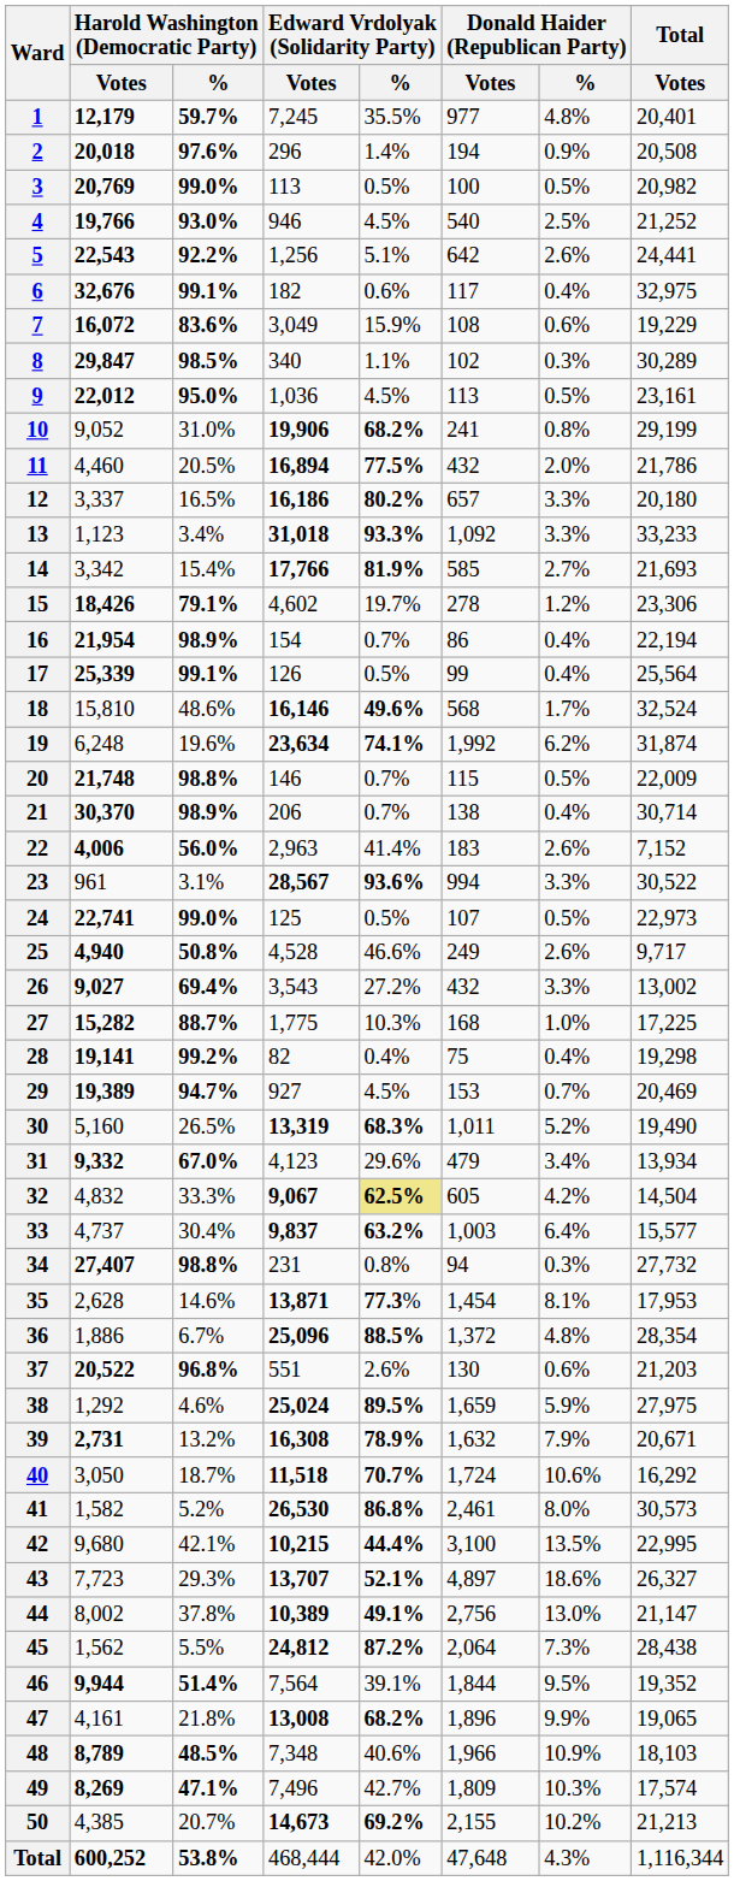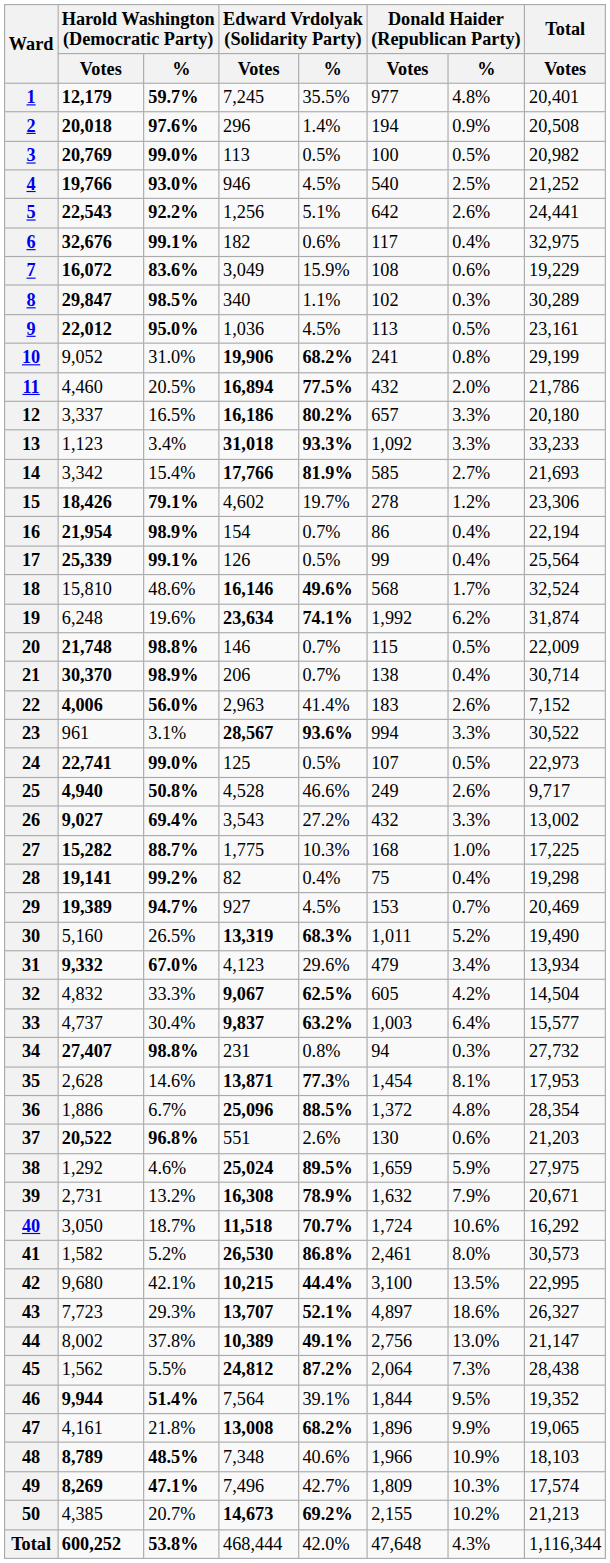 <table class="wikitable collapsible collapsed sortable">
 <tr>
 <th rowspan=2>Ward</th>
 <th colspan=2>Harold Washington<br>(Democratic Party)</th>
 <th colspan=2>Edward Vrdolyak<br>(Solidarity Party)</th>
 <th colspan=2>Donald Haider<br>(Republican Party)</th>
 <th>Total</th>
 </tr>
 <tr>
 <th>Votes</th>
 <th>%</th>
 <th>Votes</th>
 <th>%</th>
 <th>Votes</th>
 <th>%</th>
 <th>Votes</th>
 </tr>
 <tr>
 <th><a href='#'>1</a></th>
 <td><strong>12,179</strong></td>
 <td><strong>59.7%</strong></td>
 <td>7,245</td>
 <td>35.5%</td>
 <td>977</td>
 <td>4.8%</td>
 <td>20,401</td>
 </tr>
 <tr>
 <th><a href='#'>2</a></th>
 <td><strong>20,018</strong></td>
 <td><strong>97.6%</strong></td>
 <td>296</td>
 <td>1.4%</td>
 <td>194</td>
 <td>0.9%</td>
 <td>20,508</td>
 </tr>
 <tr>
 <th><a href='#'>3</a></th>
 <td><strong>20,769</strong></td>
 <td><strong>99.0%</strong></td>
 <td>113</td>
 <td>0.5%</td>
 <td>100</td>
 <td>0.5%</td>
 <td>20,982</td>
 </tr>
 <tr>
 <th><a href='#'>4</a></th>
 <td><strong>19,766</strong></td>
 <td><strong>93.0%</strong></td>
 <td>946</td>
 <td>4.5%</td>
 <td>540</td>
 <td>2.5%</td>
 <td>21,252</td>
 </tr>
 <tr>
 <th><a href='#'>5</a></th>
 <td><strong>22,543</strong></td>
 <td><strong>92.2%</strong></td>
 <td>1,256</td>
 <td>5.1%</td>
 <td>642</td>
 <td>2.6%</td>
 <td>24,441</td>
 </tr>
 <tr>
 <th><a href='#'>6</a></th>
 <td><strong>32,676</strong></td>
 <td><strong>99.1%</strong></td>
 <td>182</td>
 <td>0.6%</td>
 <td>117</td>
 <td>0.4%</td>
 <td>32,975</td>
 </tr>
 <tr>
 <th><a href='#'>7</a></th>
 <td><strong>16,072</strong></td>
 <td><strong>83.6%</strong></td>
 <td>3,049</td>
 <td>15.9%</td>
 <td>108</td>
 <td>0.6%</td>
 <td>19,229</td>
 </tr>
 <tr>
 <th><a href='#'>8</a></th>
 <td><strong>29,847</strong></td>
 <td><strong>98.5%</strong></td>
 <td>340</td>
 <td>1.1%</td>
 <td>102</td>
 <td>0.3%</td>
 <td>30,289</td>
 </tr>
 <tr>
 <th><a href='#'>9</a></th>
 <td><strong>22,012</strong></td>
 <td><strong>95.0%</strong></td>
 <td>1,036</td>
 <td>4.5%</td>
 <td>113</td>
 <td>0.5%</td>
 <td>23,161</td>
 </tr>
 <tr>
 <th><a href='#'>10</a></th>
 <td>9,052</td>
 <td>31.0%</td>
 <td><strong>19,906</strong></td>
 <td><strong>68.2%</strong></td>
 <td>241</td>
 <td>0.8%</td>
 <td>29,199</td>
 </tr>
 <tr>
 <th><a href='#'>11</a></th>
 <td>4,460</td>
 <td>20.5%</td>
 <td><strong>16,894</strong></td>
 <td><strong>77.5%</strong></td>
 <td>432</td>
 <td>2.0%</td>
 <td>21,786</td>
 </tr>
 <tr>
 <th>12</th>
 <td>3,337</td>
 <td>16.5%</td>
 <td><strong>16,186</strong></td>
 <td><strong>80.2%</strong></td>
 <td>657</td>
 <td>3.3%</td>
 <td>20,180</td>
 </tr>
 <tr>
 <th>13</th>
 <td>1,123</td>
 <td>3.4%</td>
 <td><strong>31,018</strong></td>
 <td><strong>93.3%</strong></td>
 <td>1,092</td>
 <td>3.3%</td>
 <td>33,233</td>
 </tr>
 <tr>
 <th>14</th>
 <td>3,342</td>
 <td>15.4%</td>
 <td><strong>17,766</strong></td>
 <td><strong>81.9%</strong></td>
 <td>585</td>
 <td>2.7%</td>
 <td>21,693</td>
 </tr>
 <tr>
 <th>15</th>
 <td><strong>18,426</strong></td>
 <td><strong>79.1%</strong></td>
 <td>4,602</td>
 <td>19.7%</td>
 <td>278</td>
 <td>1.2%</td>
 <td>23,306</td>
 </tr>
 <tr>
 <th>16</th>
 <td><strong>21,954</strong></td>
 <td><strong>98.9%</strong></td>
 <td>154</td>
 <td>0.7%</td>
 <td>86</td>
 <td>0.4%</td>
 <td>22,194</td>
 </tr>
 <tr>
 <th>17</th>
 <td><strong>25,339</strong></td>
 <td><strong>99.1%</strong></td>
 <td>126</td>
 <td>0.5%</td>
 <td>99</td>
 <td>0.4%</td>
 <td>25,564</td>
 </tr>
 <tr>
 <th>18</th>
 <td>15,810</td>
 <td>48.6%</td>
 <td><strong>16,146</strong></td>
 <td><strong>49.6%</strong></td>
 <td>568</td>
 <td>1.7%</td>
 <td>32,524</td>
 </tr>
 <tr>
 <th>19</th>
 <td>6,248</td>
 <td>19.6%</td>
 <td><strong>23,634</strong></td>
 <td><strong>74.1%</strong></td>
 <td>1,992</td>
 <td>6.2%</td>
 <td>31,874</td>
 </tr>
 <tr>
 <th>20</th>
 <td><strong>21,748</strong></td>
 <td><strong>98.8%</strong></td>
 <td>146</td>
 <td>0.7%</td>
 <td>115</td>
 <td>0.5%</td>
 <td>22,009</td>
 </tr>
 <tr>
 <th>21</th>
 <td><strong>30,370</strong></td>
 <td><strong>98.9%</strong></td>
 <td>206</td>
 <td>0.7%</td>
 <td>138</td>
 <td>0.4%</td>
 <td>30,714</td>
 </tr>
 <tr>
 <th>22</th>
 <td><strong>4,006</strong></td>
 <td><strong>56.0%</strong></td>
 <td>2,963</td>
 <td>41.4%</td>
 <td>183</td>
 <td>2.6%</td>
 <td>7,152</td>
 </tr>
 <tr>
 <th>23</th>
 <td>961</td>
 <td>3.1%</td>
 <td><strong>28,567</strong></td>
 <td><strong>93.6%</strong></td>
 <td>994</td>
 <td>3.3%</td>
 <td>30,522</td>
 </tr>
 <tr>
 <th>24</th>
 <td><strong>22,741</strong></td>
 <td><strong>99.0%</strong></td>
 <td>125</td>
 <td>0.5%</td>
 <td>107</td>
 <td>0.5%</td>
 <td>22,973</td>
 </tr>
 <tr>
 <th>25</th>
 <td><strong>4,940</strong></td>
 <td><strong>50.8%</strong></td>
 <td>4,528</td>
 <td>46.6%</td>
 <td>249</td>
 <td>2.6%</td>
 <td>9,717</td>
 </tr>
 <tr>
 <th>26</th>
 <td><strong>9,027</strong></td>
 <td><strong>69.4%</strong></td>
 <td>3,543</td>
 <td>27.2%</td>
 <td>432</td>
 <td>3.3%</td>
 <td>13,002</td>
 </tr>
 <tr>
 <th>27</th>
 <td><strong>15,282</strong></td>
 <td><strong>88.7%</strong></td>
 <td>1,775</td>
 <td>10.3%</td>
 <td>168</td>
 <td>1.0%</td>
 <td>17,225</td>
 </tr>
 <tr>
 <th>28</th>
 <td><strong>19,141</strong></td>
 <td><strong>99.2%</strong></td>
 <td>82</td>
 <td>0.4%</td>
 <td>75</td>
 <td>0.4%</td>
 <td>19,298</td>
 </tr>
 <tr>
 <th>29</th>
 <td><strong>19,389</strong></td>
 <td><strong>94.7%</strong></td>
 <td>927</td>
 <td>4.5%</td>
 <td>153</td>
 <td>0.7%</td>
 <td>20,469</td>
 </tr>
 <tr>
 <th>30</th>
 <td>5,160</td>
 <td>26.5%</td>
 <td><strong>13,319</strong></td>
 <td><strong>68.3%</strong></td>
 <td>1,011</td>
 <td>5.2%</td>
 <td>19,490</td>
 </tr>
 <tr>
 <th>31</th>
 <td><strong>9,332</strong></td>
 <td><strong>67.0%</strong></td>
 <td>4,123</td>
 <td>29.6%</td>
 <td>479</td>
 <td>3.4%</td>
 <td>13,934</td>
 </tr>
 <tr>
 <th>32</th>
 <td>4,832</td>
 <td>33.3%</td>
 <td><strong>9,067</strong></td>
-<td style="background: khaki;"><strong>62.5%</strong></td>
+<td><strong>62.5%</strong></td>
 <td>605</td>
 <td>4.2%</td>
 <td>14,504</td>
 </tr>
 <tr>
 <th>33</th>
 <td>4,737</td>
 <td>30.4%</td>
 <td><strong>9,837</strong></td>
 <td><strong>63.2%</strong></td>
 <td>1,003</td>
 <td>6.4%</td>
 <td>15,577</td>
 </tr>
 <tr>
 <th>34</th>
 <td><strong>27,407</strong></td>
 <td><strong>98.8%</strong></td>
 <td>231</td>
 <td>0.8%</td>
 <td>94</td>
 <td>0.3%</td>
 <td>27,732</td>
 </tr>
 <tr>
 <th>35</th>
 <td>2,628</td>
 <td>14.6%</td>
 <td><strong>13,871</strong></td>
 <td><strong>77.3</strong>%</td>
 <td>1,454</td>
 <td>8.1%</td>
 <td>17,953</td>
 </tr>
 <tr>
 <th>36</th>
 <td>1,886</td>
 <td>6.7%</td>
 <td><strong>25,096</strong></td>
 <td><strong>88.5%</strong></td>
 <td>1,372</td>
 <td>4.8%</td>
 <td>28,354</td>
 </tr>
 <tr>
 <th>37</th>
 <td><strong>20,522</strong></td>
 <td><strong>96.8%</strong></td>
 <td>551</td>
 <td>2.6%</td>
 <td>130</td>
 <td>0.6%</td>
 <td>21,203</td>
 </tr>
 <tr>
 <th>38</th>
 <td>1,292</td>
 <td>4.6%</td>
 <td><strong>25,024</strong></td>
 <td><strong>89.5%</strong></td>
 <td>1,659</td>
 <td>5.9%</td>
 <td>27,975</td>
 </tr>
 <tr>
 <th>39</th>
-<td><strong>2,731</strong></td>
+<td>2,731</td>
 <td>13.2%</td>
 <td><strong>16,308</strong></td>
 <td><strong>78.9%</strong></td>
 <td>1,632</td>
 <td>7.9%</td>
 <td>20,671</td>
 </tr>
 <tr>
 <th><a href='#'>40</a></th>
 <td>3,050</td>
 <td>18.7%</td>
 <td><strong>11,518</strong></td>
 <td><strong>70.7%</strong></td>
 <td>1,724</td>
 <td>10.6%</td>
 <td>16,292</td>
 </tr>
 <tr>
 <th>41</th>
 <td>1,582</td>
 <td>5.2%</td>
 <td><strong>26,530</strong></td>
 <td><strong>86.8%</strong></td>
 <td>2,461</td>
 <td>8.0%</td>
 <td>30,573</td>
 </tr>
 <tr>
 <th>42</th>
 <td>9,680</td>
 <td>42.1%</td>
 <td><strong>10,215</strong></td>
 <td><strong>44.4%</strong></td>
 <td>3,100</td>
 <td>13.5%</td>
 <td>22,995</td>
 </tr>
 <tr>
 <th>43</th>
 <td>7,723</td>
 <td>29.3%</td>
 <td><strong>13,707</strong></td>
 <td><strong>52.1%</strong></td>
 <td>4,897</td>
 <td>18.6%</td>
 <td>26,327</td>
 </tr>
 <tr>
 <th>44</th>
 <td>8,002</td>
 <td>37.8%</td>
 <td><strong>10,389</strong></td>
 <td><strong>49.1%</strong></td>
 <td>2,756</td>
 <td>13.0%</td>
 <td>21,147</td>
 </tr>
 <tr>
 <th>45</th>
 <td>1,562</td>
 <td>5.5%</td>
 <td><strong>24,812</strong></td>
 <td><strong>87.2%</strong></td>
 <td>2,064</td>
 <td>7.3%</td>
 <td>28,438</td>
 </tr>
 <tr>
 <th>46</th>
 <td><strong>9,944</strong></td>
 <td><strong>51.4%</strong></td>
 <td>7,564</td>
 <td>39.1%</td>
 <td>1,844</td>
 <td>9.5%</td>
 <td>19,352</td>
 </tr>
 <tr>
 <th>47</th>
 <td>4,161</td>
 <td>21.8%</td>
 <td><strong>13,008</strong></td>
 <td><strong>68.2%</strong></td>
 <td>1,896</td>
 <td>9.9%</td>
 <td>19,065</td>
 </tr>
 <tr>
 <th>48</th>
 <td><strong>8,789</strong></td>
 <td><strong>48.5%</strong></td>
 <td>7,348</td>
 <td>40.6%</td>
 <td>1,966</td>
 <td>10.9%</td>
 <td>18,103</td>
 </tr>
 <tr>
 <th>49</th>
 <td><strong>8,269</strong></td>
 <td><strong>47.1%</strong></td>
 <td>7,496</td>
 <td>42.7%</td>
 <td>1,809</td>
 <td>10.3%</td>
 <td>17,574</td>
 </tr>
 <tr>
 <th>50</th>
 <td>4,385</td>
 <td>20.7%</td>
 <td><strong>14,673</strong></td>
 <td><strong>69.2%</strong></td>
 <td>2,155</td>
 <td>10.2%</td>
 <td>21,213</td>
 </tr>
 <tr>
 <th>Total</th>
 <td><strong>600,252</strong></td>
 <td><strong>53.8%</strong></td>
 <td>468,444</td>
 <td>42.0%</td>
 <td>47,648</td>
 <td>4.3%</td>
 <td>1,116,344</td>
 </tr>
 </table>
